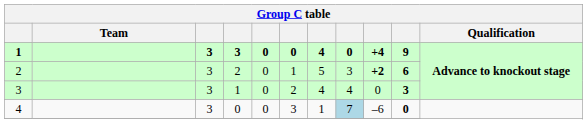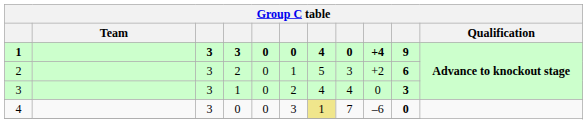 <table class="wikitable" style="text-align: center;">
 <tr>
 <th colspan="11"><a href='#'>Group C</a> table</th>
 </tr>
 <tr>
 <th width=30></th>
 <th width="210">Team</th>
 <th width=30></th>
 <th width=30></th>
 <th width=30></th>
 <th width=30></th>
 <th width=30></th>
 <th width=30></th>
 <th width=30></th>
 <th width=30></th>
 <th width=210>Qualification</th>
 </tr>
 <tr style="background:#ccffcc;">
 <td><strong>1</strong></td>
 <td align="left"><strong></strong></td>
 <td><strong>3</strong></td>
 <td><strong>3</strong></td>
 <td><strong>0</strong></td>
 <td><strong>0</strong></td>
 <td><strong>4</strong></td>
 <td><strong>0</strong></td>
 <td><strong>+4</strong></td>
 <td><strong>9</strong></td>
 <td rowspan="3"><strong>Advance to knockout stage</strong></td>
 </tr>
 <tr style="background:#ccffcc;">
 <td>2</td>
 <td align="left"></td>
 <td>3</td>
 <td>2</td>
 <td>0</td>
 <td>1</td>
 <td>5</td>
 <td>3</td>
-<td><strong>+2</strong></td>
+<td>+2</td>
 <td><strong>6</strong></td>
 </tr>
 <tr style="background:#ccffcc;">
 <td>3</td>
 <td align="left"></td>
 <td>3</td>
 <td>1</td>
 <td>0</td>
 <td>2</td>
 <td>4</td>
 <td>4</td>
 <td>0</td>
 <td><strong>3</strong></td>
 </tr>
 <tr>
 <td>4</td>
 <td align="left"></td>
 <td>3</td>
 <td>0</td>
 <td>0</td>
 <td>3</td>
-<td>1</td>
-<td style="background: lightblue;">7</td>
+<td style="background: khaki;">1</td>
+<td>7</td>
 <td>–6</td>
 <td><strong>0</strong></td>
 </tr>
 <tr>
 </tr>
 </table>
